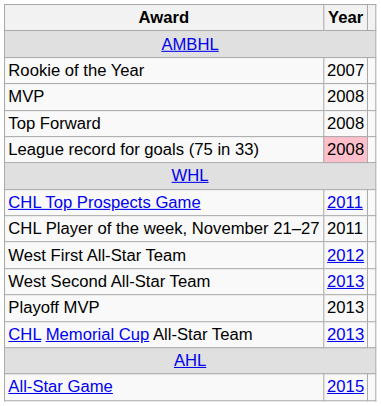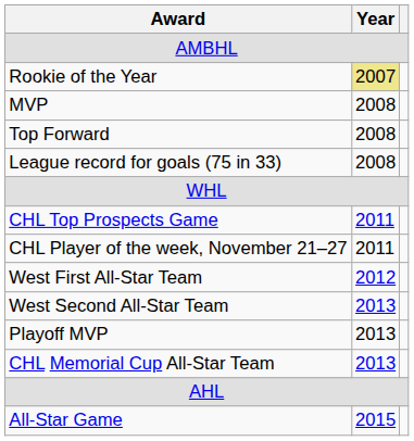 <table class="wikitable">
 <tr>
 <th>Award</th>
 <th>Year</th>
 <th></th>
 </tr>
 <tr ALIGN="center" bgcolor="#e0e0e0">
 <td colspan="3"><a href='#'>AMBHL</a></td>
 </tr>
 <tr>
 <td>Rookie of the Year</td>
-<td>2007</td>
+<td style="background: khaki;">2007</td>
 <td></td>
 </tr>
 <tr>
 <td>MVP</td>
 <td>2008</td>
 <td></td>
 </tr>
 <tr>
 <td>Top Forward</td>
 <td>2008</td>
 <td></td>
 </tr>
 <tr>
 <td>League record for goals (75 in 33)</td>
-<td style="background: pink;">2008</td>
+<td>2008</td>
 <td></td>
 </tr>
 <tr ALIGN="center" bgcolor="#e0e0e0">
 <td colspan="3"><a href='#'>WHL</a></td>
 </tr>
 <tr>
 <td><a href='#'>CHL Top Prospects Game</a></td>
 <td><a href='#'>2011</a></td>
 <td></td>
 </tr>
 <tr>
 <td>CHL Player of the week, November 21–27</td>
 <td>2011</td>
 <td></td>
 </tr>
 <tr>
 <td>West First All-Star Team</td>
 <td><a href='#'>2012</a></td>
 <td></td>
 </tr>
 <tr>
 <td>West Second All-Star Team</td>
 <td><a href='#'>2013</a></td>
 <td></td>
 </tr>
 <tr>
 <td>Playoff MVP</td>
 <td>2013</td>
 <td></td>
 </tr>
 <tr>
 <td><a href='#'>CHL</a> <a href='#'>Memorial Cup</a> All-Star Team</td>
 <td><a href='#'>2013</a></td>
 <td></td>
 </tr>
 <tr ALIGN="center" bgcolor="#e0e0e0">
 <td colspan="3"><a href='#'>AHL</a></td>
 </tr>
 <tr>
 <td><a href='#'>All-Star Game</a></td>
 <td><a href='#'>2015</a></td>
 <td></td>
 </tr>
 </table>
